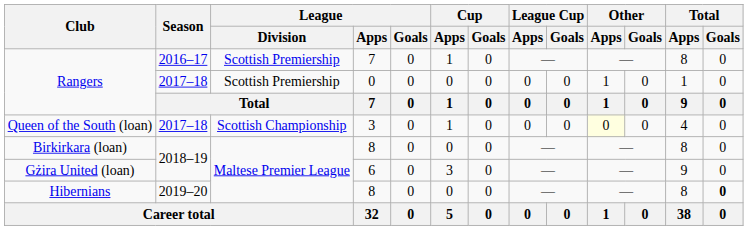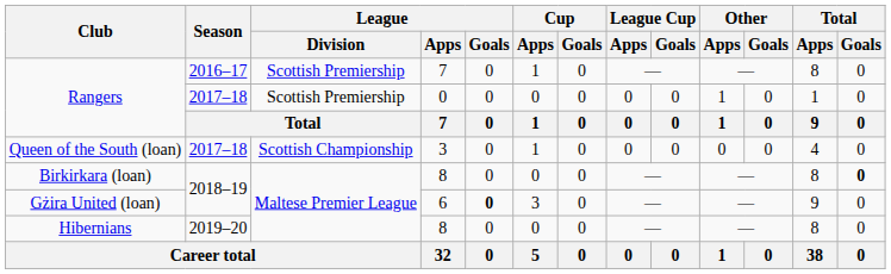 <table class="wikitable" style="text-align: center">
 <tr>
 <th rowspan=2>Club</th>
 <th rowspan=2>Season</th>
 <th colspan=3>League</th>
 <th colspan=2>Cup</th>
 <th colspan=2>League Cup</th>
 <th colspan=2>Other</th>
 <th colspan=2>Total</th>
 </tr>
 <tr>
 <th>Division</th>
 <th>Apps</th>
 <th>Goals</th>
 <th>Apps</th>
 <th>Goals</th>
 <th>Apps</th>
 <th>Goals</th>
 <th>Apps</th>
 <th>Goals</th>
 <th>Apps</th>
 <th>Goals</th>
 </tr>
 <tr>
 <td rowspan=3><a href='#'>Rangers</a></td>
 <td><a href='#'>2016–17</a></td>
 <td><a href='#'>Scottish Premiership</a></td>
 <td>7</td>
 <td>0</td>
 <td>1</td>
 <td>0</td>
 <td colspan="2">—</td>
 <td colspan="2">—</td>
 <td>8</td>
 <td>0</td>
 </tr>
 <tr>
 <td><a href='#'>2017–18</a></td>
 <td>Scottish Premiership</td>
 <td>0</td>
 <td>0</td>
 <td>0</td>
 <td>0</td>
 <td>0</td>
 <td>0</td>
 <td>1</td>
 <td>0</td>
 <td>1</td>
 <td>0</td>
 </tr>
 <tr>
 <th colspan=2>Total</th>
 <th>7</th>
 <th>0</th>
 <th>1</th>
 <th>0</th>
 <th>0</th>
 <th>0</th>
 <th>1</th>
 <th>0</th>
 <th>9</th>
 <th>0</th>
 </tr>
 <tr>
 <td rowspan=1><a href='#'>Queen of the South</a> (loan)</td>
 <td><a href='#'>2017–18</a></td>
 <td><a href='#'>Scottish Championship</a></td>
 <td>3</td>
 <td>0</td>
 <td>1</td>
 <td>0</td>
 <td>0</td>
 <td>0</td>
-<td style="background: lightyellow;">0</td>
+<td>0</td>
 <td>0</td>
 <td>4</td>
 <td>0</td>
 </tr>
 <tr>
 <td rowspan=1><a href='#'>Birkirkara</a> (loan)</td>
 <td rowspan=2>2018–19</td>
 <td rowspan=3><a href='#'>Maltese Premier League</a></td>
 <td>8</td>
 <td>0</td>
 <td>0</td>
 <td>0</td>
 <td colspan="2">—</td>
 <td colspan="2">—</td>
 <td>8</td>
-<td>0</td>
+<td><strong>0</strong></td>
 </tr>
 <tr>
 <td rowspan=1><a href='#'>Gżira United</a> (loan)</td>
 <td>6</td>
-<td>0</td>
+<td><strong>0</strong></td>
 <td>3</td>
 <td>0</td>
 <td colspan="2">—</td>
 <td colspan="2">—</td>
 <td>9</td>
 <td>0</td>
 </tr>
 <tr>
 <td rowspan=1><a href='#'>Hibernians</a></td>
 <td>2019–20</td>
 <td>8</td>
 <td>0</td>
 <td>0</td>
 <td>0</td>
 <td colspan="2">—</td>
 <td colspan="2">—</td>
 <td>8</td>
-<td><strong>0</strong></td>
+<td>0</td>
 </tr>
 <tr>
 <th colspan=3>Career total</th>
 <th>32</th>
 <th>0</th>
 <th>5</th>
 <th>0</th>
 <th>0</th>
 <th>0</th>
 <th>1</th>
 <th>0</th>
 <th>38</th>
 <th>0</th>
 </tr>
 </table>
